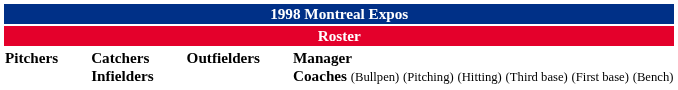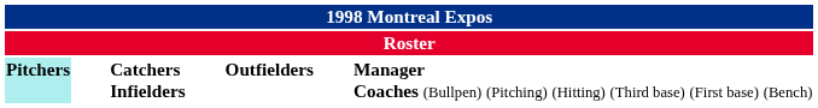 <table class="toccolours" style="font-size: 95%;">
 <tr>
 <th colspan="10" style="background-color: #003087; color: #FFFFFF; text-align: center;">1998 Montreal Expos</th>
 </tr>
 <tr>
 <td colspan="10" style="background-color: #E4002B; color: #FFFFFF; text-align: center;"><strong>Roster</strong></td>
 </tr>
 <tr>
-<td valign="top"><strong>Pitchers</strong><br>                  </td>
+<td valign="top" style="background: paleturquoise;"><strong>Pitchers</strong><br>                  </td>
 <td width="25px"></td>
 <td valign="top"><strong>Catchers</strong><br>    <strong>Infielders</strong>          </td>
 <td width="25px"></td>
 <td valign="top"><strong>Outfielders</strong><br>       </td>
 <td width="25px"></td>
 <td valign="top"><strong>Manager</strong><br> <strong>Coaches</strong>  <small>(Bullpen)</small>  <small>(Pitching)</small>  <small>(Hitting)</small>  <small>(Third base)</small>  <small>(First base)</small>  <small>(Bench)</small></td>
 </tr>
 </table>
